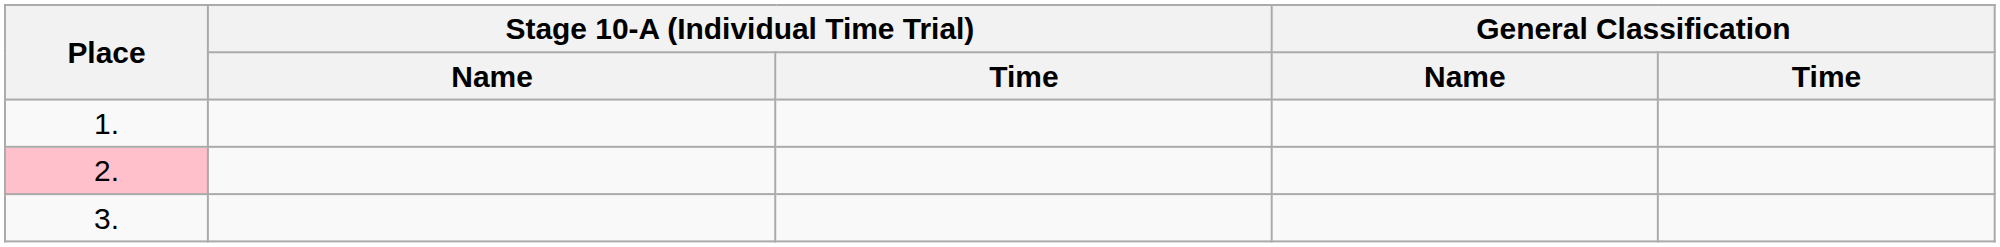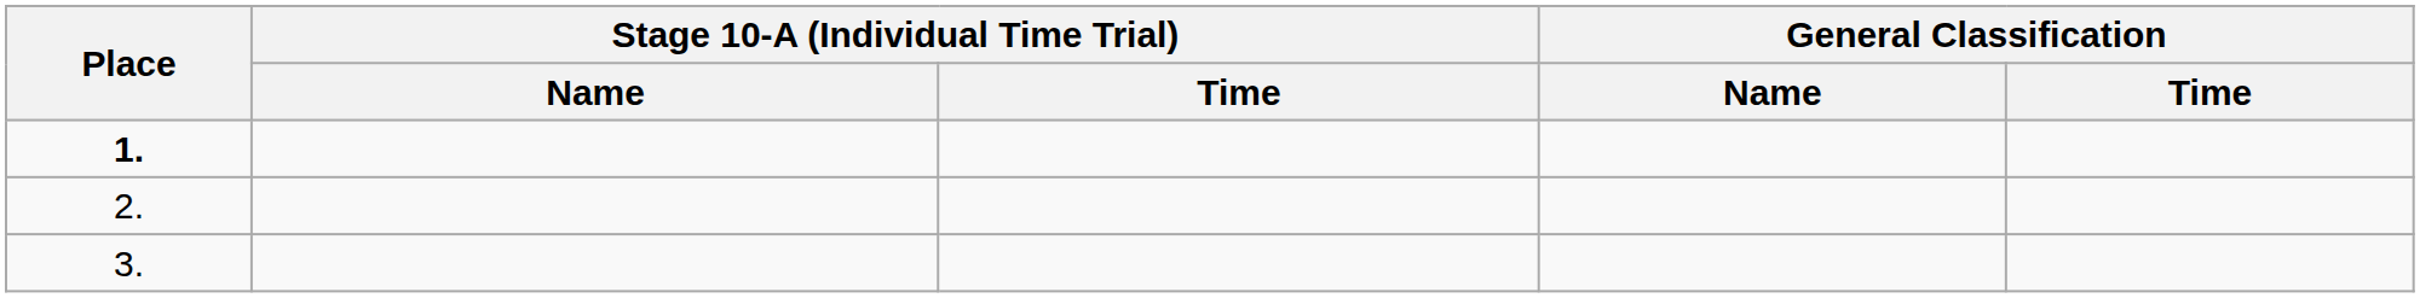 <table class=wikitable style="font-size:95%" width="80%">
 <tr>
 <th rowspan="2">Place</th>
 <th colspan="2">Stage 10-A (Individual Time Trial)</th>
 <th colspan="2">General Classification</th>
 </tr>
 <tr>
 <th>Name</th>
 <th>Time</th>
 <th>Name</th>
 <th>Time</th>
 </tr>
 <tr>
-<td align="center">1.</td>
+<td align="center"><strong>1.</strong></td>
 <td></td>
 <td></td>
 <td></td>
 <td></td>
 </tr>
 <tr>
-<td align="center" style="background: pink;">2.</td>
+<td align="center">2.</td>
 <td></td>
 <td></td>
 <td></td>
 <td></td>
 </tr>
 <tr>
 <td align="center">3.</td>
 <td></td>
 <td></td>
 <td></td>
 <td></td>
 </tr>
 </table>
